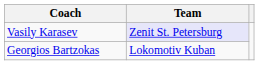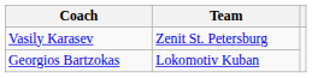 <table class="wikitable">
 <tr>
 <th width=160>Coach</th>
 <th width=160>Team</th>
 <th></th>
 </tr>
 <tr>
 <td> <a href='#'>Vasily Karasev</a></td>
-<td style="background: lavender;"> <a href='#'>Zenit St. Petersburg</a></td>
+<td> <a href='#'>Zenit St. Petersburg</a></td>
 <td rowspan="2"></td>
 </tr>
 <tr>
 <td> <a href='#'>Georgios Bartzokas</a></td>
 <td>  <a href='#'>Lokomotiv Kuban</a></td>
 </tr>
 </table>
